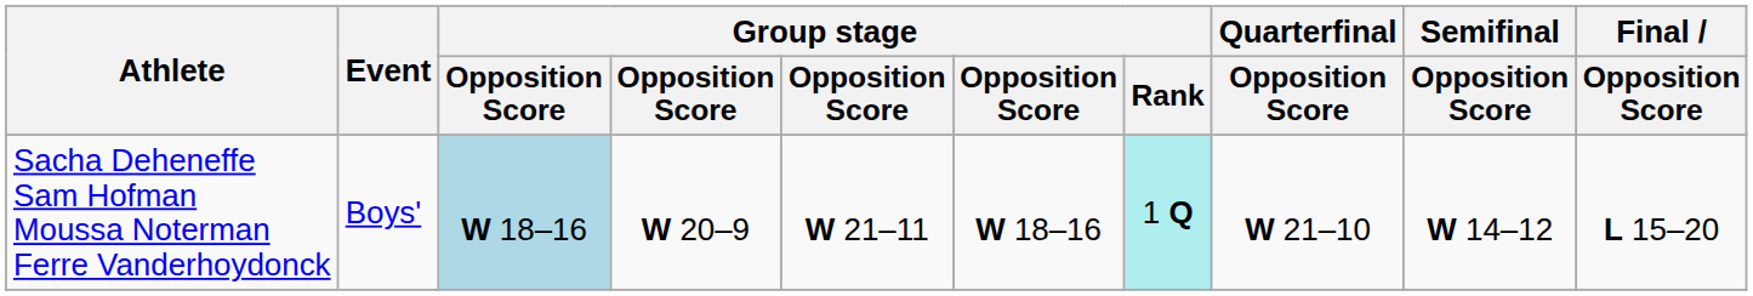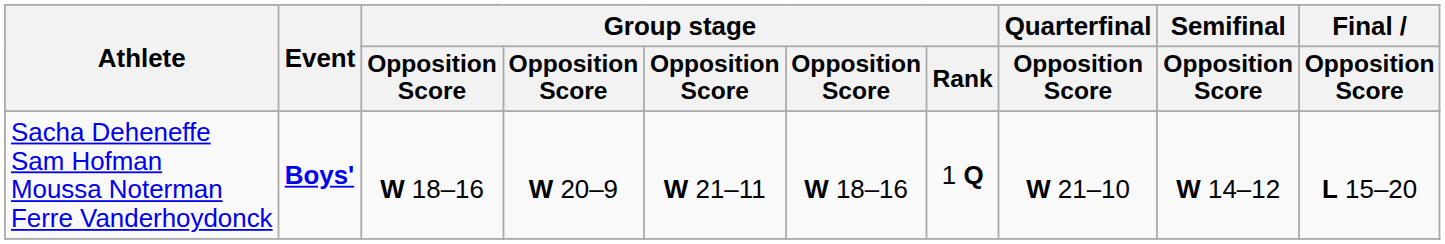 <table class="wikitable" style="font-size:90%">
 <tr>
 <th rowspan=2>Athlete</th>
 <th rowspan=2>Event</th>
 <th colspan=5>Group stage</th>
 <th>Quarterfinal</th>
 <th>Semifinal</th>
 <th>Final / </th>
 </tr>
 <tr style="font-size:95%">
 <th>Opposition<br>Score</th>
 <th>Opposition<br>Score</th>
 <th>Opposition<br>Score</th>
 <th>Opposition<br>Score</th>
 <th>Rank</th>
 <th>Opposition<br>Score</th>
 <th>Opposition<br>Score</th>
 <th>Opposition<br>Score</th>
 </tr>
 <tr align=center>
 <td align=left><a href='#'>Sacha Deheneffe</a><br><a href='#'>Sam Hofman</a><br><a href='#'>Moussa Noterman</a><br><a href='#'>Ferre Vanderhoydonck</a></td>
-<td align=left><a href='#'>Boys'</a></td>
-<td style="background: lightblue;"> <br> <strong>W</strong> 18–16</td>
+<td align=left><strong><a href='#'>Boys'</a></strong></td>
+<td> <br> <strong>W</strong> 18–16</td>
 <td> <br> <strong>W</strong> 20–9</td>
 <td> <br> <strong>W</strong> 21–11</td>
 <td> <br> <strong>W</strong> 18–16</td>
-<td style="background: paleturquoise;">1 <strong>Q</strong></td>
+<td>1 <strong>Q</strong></td>
 <td> <br> <strong>W</strong> 21–10</td>
 <td> <br> <strong>W</strong> 14–12</td>
 <td> <br> <strong>L</strong> 15–20 </td>
 </tr>
 </table>
